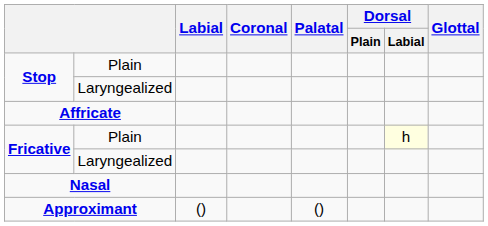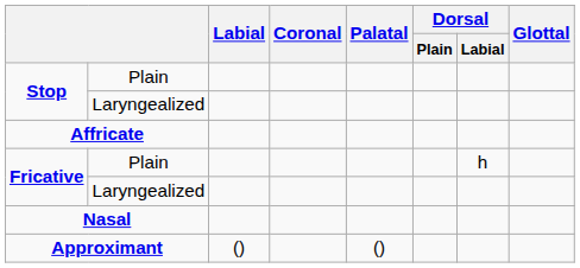 <table class="wikitable" style="text-align: center;">
 <tr>
 <th colspan="2" rowspan="2"></th>
 <th rowspan="2"><a href='#'>Labial</a></th>
 <th rowspan="2"><a href='#'>Coronal</a></th>
 <th rowspan="2"><a href='#'>Palatal</a></th>
 <th colspan="2"><a href='#'>Dorsal</a></th>
 <th rowspan="2"><a href='#'>Glottal</a></th>
 </tr>
 <tr>
 <th><small>Plain</small></th>
 <th><small>Labial</small></th>
 </tr>
 <tr>
 <td rowspan="2"><strong><a href='#'>Stop</a></strong></td>
 <td>Plain</td>
 <td></td>
 <td></td>
 <td></td>
 <td></td>
 <td></td>
 <td></td>
 </tr>
 <tr>
 <td>Laryngealized</td>
 <td></td>
 <td></td>
 <td></td>
 <td></td>
 <td></td>
 <td></td>
 </tr>
 <tr>
 <td colspan="2"><strong><a href='#'>Affricate</a></strong></td>
 <td></td>
 <td></td>
 <td></td>
 <td></td>
 <td></td>
 <td></td>
 </tr>
 <tr>
 <td rowspan="2"><strong><a href='#'>Fricative</a></strong></td>
 <td>Plain</td>
 <td></td>
 <td></td>
 <td></td>
 <td></td>
-<td style="background: lightyellow;">h</td>
+<td>h</td>
 <td></td>
 </tr>
 <tr>
 <td>Laryngealized</td>
 <td></td>
 <td></td>
 <td></td>
 <td></td>
 <td></td>
 <td></td>
 </tr>
 <tr>
 <td colspan="2"><strong><a href='#'>Nasal</a></strong></td>
 <td></td>
 <td></td>
 <td></td>
 <td></td>
 <td></td>
 <td></td>
 </tr>
 <tr>
 <td colspan="2"><strong><a href='#'>Approximant</a></strong></td>
 <td>()</td>
 <td></td>
 <td>()</td>
 <td></td>
 <td></td>
 <td></td>
 </tr>
 </table>
